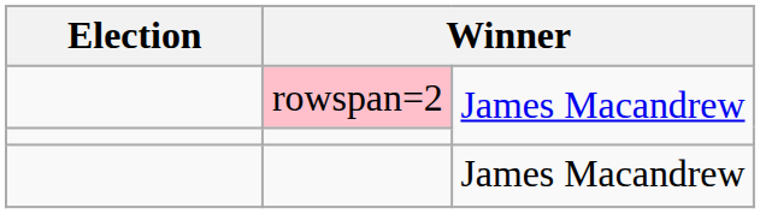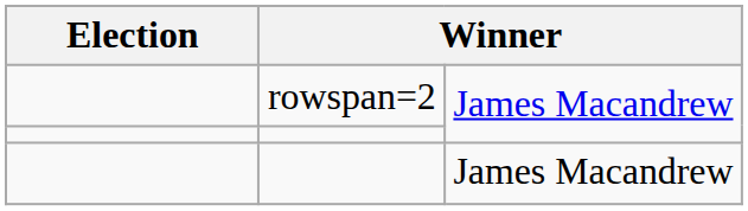 <table class=wikitable>
 <tr>
 <th width=100>Election</th>
 <th width=175 colspan=2>Winner</th>
 </tr>
 <tr>
 <td></td>
-<td style="background: pink;">rowspan=2 </td>
+<td>rowspan=2 </td>
 <td rowspan=2><a href='#'>James Macandrew</a></td>
 </tr>
 <tr>
 <td></td>
 </tr>
 <tr>
 <td></td>
 <td></td>
 <td>James Macandrew</td>
 </tr>
 </table>
